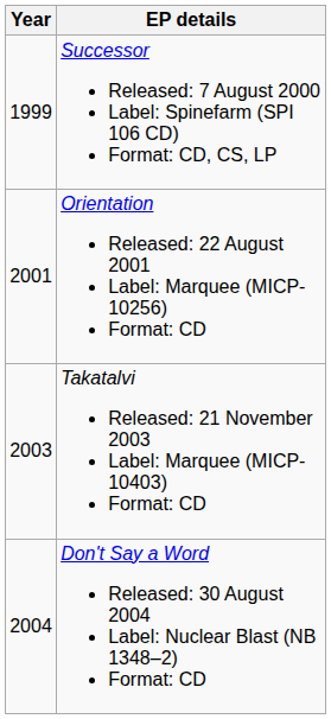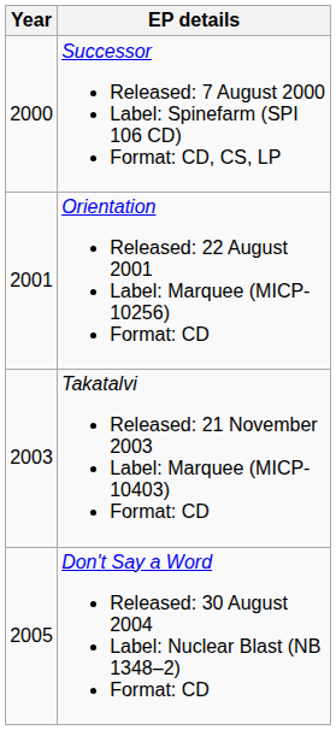 <table class="wikitable" border="1">
 <tr>
 <th>Year</th>
 <th width="220">EP details</th>
 </tr>
 <tr>
-<td>1999</td>
+<td>2000</td>
 <td><em><a href='#'>Successor</a></em><br><ul><li>Released: 7 August 2000</li><li>Label: Spinefarm (SPI 106 CD)</li><li>Format: CD, CS, LP</li></ul></td>
 </tr>
 <tr>
 <td>2001</td>
 <td><em><a href='#'>Orientation</a></em><br><ul><li>Released: 22 August 2001</li><li>Label: Marquee (MICP-10256)</li><li>Format: CD</li></ul></td>
 </tr>
 <tr>
 <td>2003</td>
 <td><em>Takatalvi</em><br><ul><li>Released: 21 November 2003</li><li>Label: Marquee (MICP-10403)</li><li>Format: CD</li></ul></td>
 </tr>
 <tr>
-<td>2004</td>
+<td>2005</td>
 <td><em><a href='#'>Don't Say a Word</a></em><br><ul><li>Released: 30 August 2004</li><li>Label: Nuclear Blast (NB 1348–2)</li><li>Format: CD</li></ul></td>
 </tr>
 </table>
